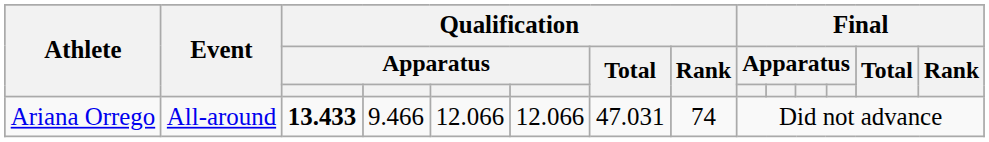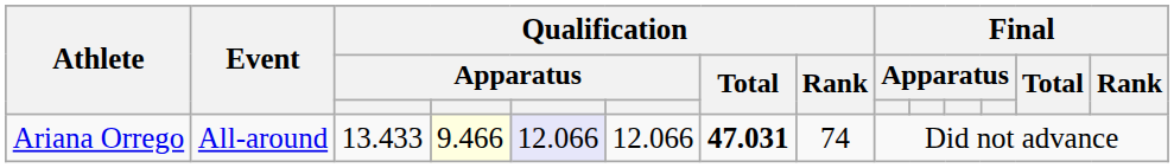 <table class="wikitable" style="font-size:90%">
 <tr>
 <th rowspan=3>Athlete</th>
 <th rowspan=3>Event</th>
 <th colspan=6>Qualification</th>
 <th colspan=6>Final</th>
 </tr>
 <tr style="font-size:95%">
 <th colspan=4>Apparatus</th>
 <th rowspan=2>Total</th>
 <th rowspan=2>Rank</th>
 <th colspan=4>Apparatus</th>
 <th rowspan=2>Total</th>
 <th rowspan=2>Rank</th>
 </tr>
 <tr style="font-size:95%">
 <th></th>
 <th></th>
 <th></th>
 <th></th>
 <th></th>
 <th></th>
 <th></th>
 <th></th>
 </tr>
 <tr align=center>
 <td align=left><a href='#'>Ariana Orrego</a></td>
 <td align=left><a href='#'>All-around</a></td>
-<td><strong>13.433</strong></td>
-<td>9.466</td>
+<td>13.433</td>
+<td style="background: lightyellow;">9.466</td>
+<td style="background: lavender;">12.066</td>
 <td>12.066</td>
-<td>12.066</td>
-<td>47.031</td>
+<td><strong>47.031</strong></td>
 <td>74</td>
 <td colspan=6>Did not advance</td>
 </tr>
 </table>
